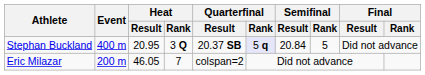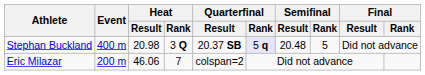 <table class=wikitable style="font-size:90%">
 <tr>
 <th rowspan="2">Athlete</th>
 <th rowspan="2">Event</th>
 <th colspan="2">Heat</th>
 <th colspan="2">Quarterfinal</th>
 <th colspan="2">Semifinal</th>
 <th colspan="2">Final</th>
 </tr>
 <tr style="font-size:95%">
 <th>Result</th>
 <th>Rank</th>
 <th>Result</th>
 <th>Rank</th>
 <th>Result</th>
 <th>Rank</th>
 <th>Result</th>
 <th>Rank</th>
 </tr>
 <tr align=center>
 <td align=left><a href='#'>Stephan Buckland</a></td>
 <td align=left><a href='#'>400 m</a></td>
-<td>20.95</td>
+<td>20.98</td>
 <td>3 <strong>Q</strong></td>
 <td>20.37 <strong>SB</strong></td>
 <td style="background: lavender;">5 <strong>q</strong></td>
-<td>20.84</td>
+<td>20.48</td>
 <td>5</td>
 <td colspan=2>Did not advance</td>
 </tr>
 <tr align=center>
 <td align=left><a href='#'>Eric Milazar</a></td>
 <td align=left><a href='#'>200 m</a></td>
-<td>46.05</td>
+<td>46.06</td>
 <td>7</td>
 <td>colspan=2 </td>
 <td colspan=4>Did not advance</td>
 </tr>
 </table>
